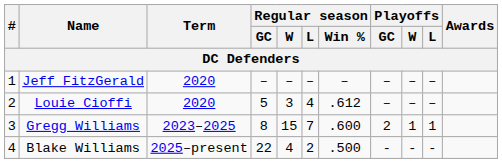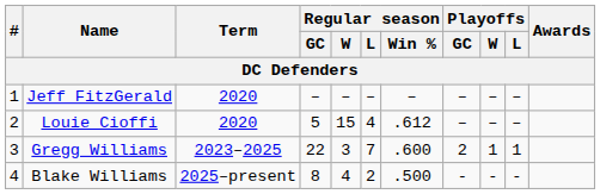 <table class="wikitable" style="text-align:center">
 <tr>
 <th rowspan="2">#</th>
 <th rowspan="2">Name</th>
 <th rowspan="2">Term</th>
 <th colspan="4">Regular season</th>
 <th colspan="3">Playoffs</th>
 <th rowspan="2">Awards</th>
 </tr>
 <tr>
 <th>GC</th>
 <th>W</th>
 <th>L</th>
 <th>Win %</th>
 <th>GC</th>
 <th>W</th>
 <th>L</th>
 </tr>
 <tr>
 <th colspan="11">DC Defenders</th>
 </tr>
 <tr>
 <td>1</td>
 <td><a href='#'>Jeff FitzGerald</a></td>
 <td><a href='#'>2020</a></td>
 <td>–</td>
 <td>–</td>
 <td>–</td>
 <td>–</td>
 <td>–</td>
 <td>–</td>
 <td>–</td>
 <td></td>
 </tr>
 <tr>
 <td>2</td>
 <td><a href='#'>Louie Cioffi</a></td>
 <td><a href='#'>2020</a></td>
 <td>5</td>
-<td>3</td>
+<td>15</td>
 <td>4</td>
 <td>.612</td>
 <td>–</td>
 <td>–</td>
 <td>–</td>
 <td></td>
 </tr>
 <tr>
 <td>3</td>
 <td><a href='#'>Gregg Williams</a></td>
 <td><a href='#'>2023</a>–<a href='#'>2025</a></td>
-<td>8</td>
-<td>15</td>
+<td>22</td>
+<td>3</td>
 <td>7</td>
 <td>.600</td>
 <td>2</td>
 <td>1</td>
 <td>1</td>
 <td></td>
 </tr>
 <tr>
 <td>4</td>
 <td>Blake Williams</td>
 <td><a href='#'>2025</a>–present</td>
-<td>22</td>
+<td>8</td>
 <td>4</td>
 <td>2</td>
 <td>.500</td>
 <td>-</td>
 <td>-</td>
 <td>-</td>
 <td></td>
 </tr>
 </table>
